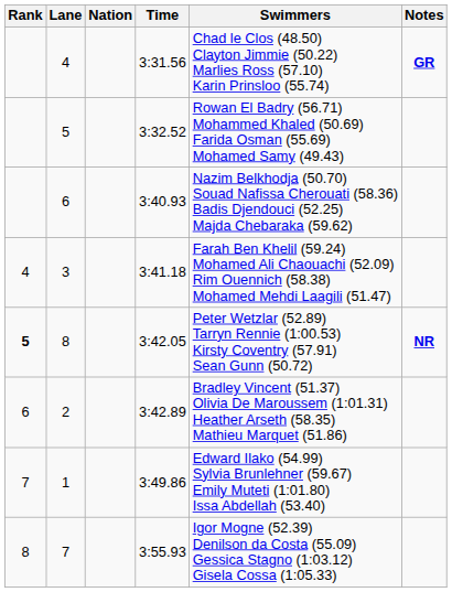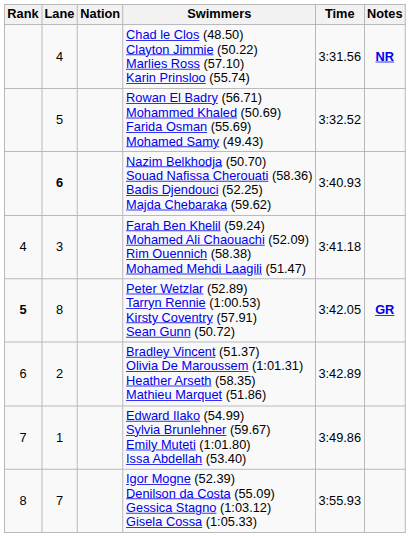 <table class="wikitable sortable" style="text-align:center">
 <tr>
 <th>Rank</th>
 <th>Lane</th>
 <th>Nation</th>
+<th>Swimmers</th>
 <th>Time</th>
-<th>Swimmers</th>
 <th>Notes</th>
 </tr>
 <tr>
 <td></td>
 <td>4</td>
 <td align="left"></td>
+<td align="left"><a href='#'>Chad le Clos</a> (48.50)<br><a href='#'>Clayton Jimmie</a> (50.22)<br><a href='#'>Marlies Ross</a> (57.10)<br><a href='#'>Karin Prinsloo</a> (55.74)</td>
 <td>3:31.56</td>
-<td align="left"><a href='#'>Chad le Clos</a> (48.50)<br><a href='#'>Clayton Jimmie</a> (50.22)<br><a href='#'>Marlies Ross</a> (57.10)<br><a href='#'>Karin Prinsloo</a> (55.74)</td>
-<td><strong><a href='#'>GR</a></strong></td>
+<td><strong><a href='#'>NR</a></strong></td>
 </tr>
 <tr>
 <td></td>
 <td>5</td>
 <td align="left"></td>
+<td align="left"><a href='#'>Rowan El Badry</a> (56.71)<br><a href='#'>Mohammed Khaled</a> (50.69)<br><a href='#'>Farida Osman</a> (55.69)<br><a href='#'>Mohamed Samy</a> (49.43)</td>
 <td>3:32.52</td>
-<td align="left"><a href='#'>Rowan El Badry</a> (56.71)<br><a href='#'>Mohammed Khaled</a> (50.69)<br><a href='#'>Farida Osman</a> (55.69)<br><a href='#'>Mohamed Samy</a> (49.43)</td>
 <td></td>
 </tr>
 <tr>
 <td></td>
-<td>6</td>
+<td><strong>6</strong></td>
 <td align="left"></td>
+<td align="left"><a href='#'>Nazim Belkhodja</a> (50.70)<br><a href='#'>Souad Nafissa Cherouati</a> (58.36)<br><a href='#'>Badis Djendouci</a> (52.25)<br><a href='#'>Majda Chebaraka</a> (59.62)</td>
 <td>3:40.93</td>
-<td align="left"><a href='#'>Nazim Belkhodja</a> (50.70)<br><a href='#'>Souad Nafissa Cherouati</a> (58.36)<br><a href='#'>Badis Djendouci</a> (52.25)<br><a href='#'>Majda Chebaraka</a> (59.62)</td>
 <td></td>
 </tr>
 <tr>
 <td>4</td>
 <td>3</td>
 <td align="left"></td>
+<td align="left"><a href='#'>Farah Ben Khelil</a> (59.24)<br><a href='#'>Mohamed Ali Chaouachi</a> (52.09)<br><a href='#'>Rim Ouennich</a> (58.38)<br><a href='#'>Mohamed Mehdi Laagili</a> (51.47)</td>
 <td>3:41.18</td>
-<td align="left"><a href='#'>Farah Ben Khelil</a> (59.24)<br><a href='#'>Mohamed Ali Chaouachi</a> (52.09)<br><a href='#'>Rim Ouennich</a> (58.38)<br><a href='#'>Mohamed Mehdi Laagili</a> (51.47)</td>
 <td></td>
 </tr>
 <tr>
 <td><strong>5</strong></td>
 <td>8</td>
 <td align="left"></td>
+<td align="left"><a href='#'>Peter Wetzlar</a> (52.89) <br><a href='#'>Tarryn Rennie</a> (1:00.53)<br><a href='#'>Kirsty Coventry</a> (57.91)<br><a href='#'>Sean Gunn</a> (50.72)</td>
 <td>3:42.05</td>
-<td align="left"><a href='#'>Peter Wetzlar</a> (52.89) <br><a href='#'>Tarryn Rennie</a> (1:00.53)<br><a href='#'>Kirsty Coventry</a> (57.91)<br><a href='#'>Sean Gunn</a> (50.72)</td>
-<td><strong><a href='#'>NR</a></strong></td>
+<td><strong><a href='#'>GR</a></strong></td>
 </tr>
 <tr>
 <td>6</td>
 <td>2</td>
 <td align="left"></td>
+<td align="left"><a href='#'>Bradley Vincent</a> (51.37)<br><a href='#'>Olivia De Maroussem</a> (1:01.31)<br><a href='#'>Heather Arseth</a> (58.35)<br><a href='#'>Mathieu Marquet</a> (51.86)</td>
 <td>3:42.89</td>
-<td align="left"><a href='#'>Bradley Vincent</a> (51.37)<br><a href='#'>Olivia De Maroussem</a> (1:01.31)<br><a href='#'>Heather Arseth</a> (58.35)<br><a href='#'>Mathieu Marquet</a> (51.86)</td>
 <td></td>
 </tr>
 <tr>
 <td>7</td>
 <td>1</td>
 <td align="left"></td>
+<td align="left"><a href='#'>Edward Ilako</a> (54.99)<br><a href='#'>Sylvia Brunlehner</a> (59.67)<br><a href='#'>Emily Muteti</a> (1:01.80)<br><a href='#'>Issa Abdellah</a> (53.40)</td>
 <td>3:49.86</td>
-<td align="left"><a href='#'>Edward Ilako</a> (54.99)<br><a href='#'>Sylvia Brunlehner</a> (59.67)<br><a href='#'>Emily Muteti</a> (1:01.80)<br><a href='#'>Issa Abdellah</a> (53.40)</td>
 <td></td>
 </tr>
 <tr>
 <td>8</td>
 <td>7</td>
 <td align="left"></td>
+<td align="left"><a href='#'>Igor Mogne</a> (52.39)<br><a href='#'>Denilson da Costa</a> (55.09)<br><a href='#'>Gessica Stagno</a> (1:03.12)<br><a href='#'>Gisela Cossa</a> (1:05.33)</td>
 <td>3:55.93</td>
-<td align="left"><a href='#'>Igor Mogne</a> (52.39)<br><a href='#'>Denilson da Costa</a> (55.09)<br><a href='#'>Gessica Stagno</a> (1:03.12)<br><a href='#'>Gisela Cossa</a> (1:05.33)</td>
 <td></td>
 </tr>
 </table>
